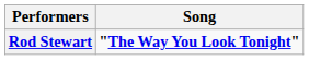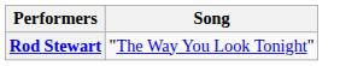 <table class="wikitable unsortable" style="text-align:center;">
 <tr>
 <th scope="col">Performers</th>
 <th scope="col">Song</th>
 </tr>
 <tr>
 <th scope="row"><a href='#'>Rod Stewart</a></th>
-<td><strong>"<a href='#'>The Way You Look Tonight</a>"</strong></td>
+<td>"<a href='#'>The Way You Look Tonight</a>"</td>
 </tr>
 </table>
